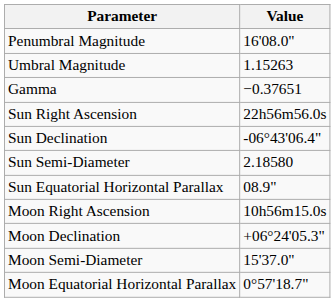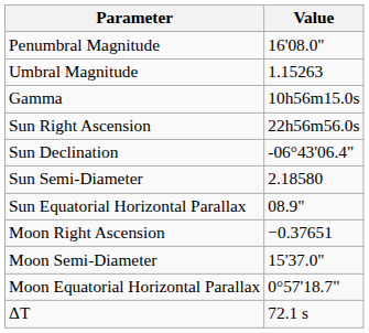 <table class="wikitable">
 <tr>
 <th>Parameter</th>
 <th>Value</th>
 </tr>
 <tr>
 <td>Penumbral Magnitude</td>
 <td>16'08.0"</td>
 </tr>
 <tr>
 <td>Umbral Magnitude</td>
 <td>1.15263</td>
 </tr>
 <tr>
 <td>Gamma</td>
-<td>−0.37651</td>
+<td>10h56m15.0s</td>
 </tr>
 <tr>
 <td>Sun Right Ascension</td>
 <td>22h56m56.0s</td>
 </tr>
 <tr>
 <td>Sun Declination</td>
 <td>-06°43'06.4"</td>
 </tr>
 <tr>
 <td>Sun Semi-Diameter</td>
 <td>2.18580</td>
 </tr>
 <tr>
 <td>Sun Equatorial Horizontal Parallax</td>
 <td>08.9"</td>
 </tr>
 <tr>
 <td>Moon Right Ascension</td>
-<td>10h56m15.0s</td>
-</tr>
-<tr>
-<td>Moon Declination</td>
-<td>+06°24'05.3"</td>
+<td>−0.37651</td>
 </tr>
 <tr>
 <td>Moon Semi-Diameter</td>
 <td>15'37.0"</td>
 </tr>
 <tr>
 <td>Moon Equatorial Horizontal Parallax</td>
 <td>0°57'18.7"</td>
 </tr>
+<tr>
+<td>ΔT</td>
+<td>72.1 s</td>
+</tr>
 </table>
